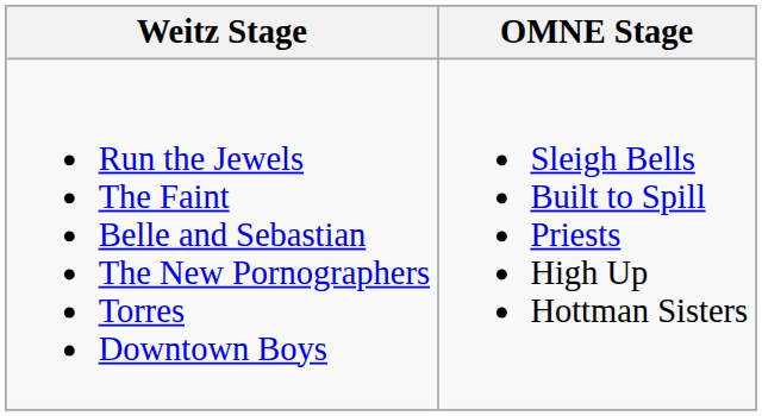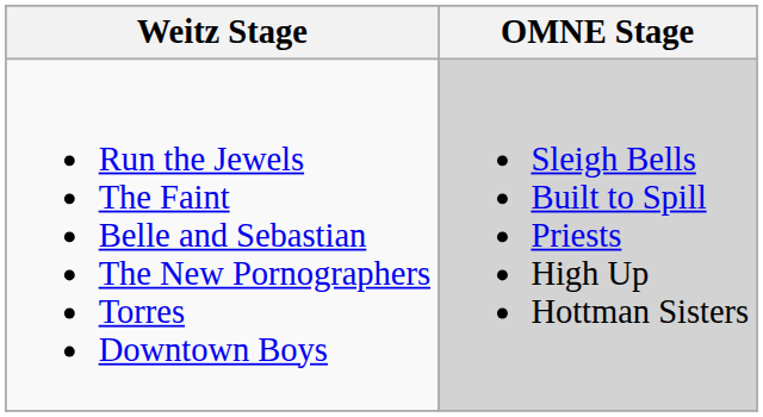 <table class="wikitable">
 <tr>
 <th>Weitz Stage</th>
 <th>OMNE Stage</th>
 </tr>
 <tr valign="top">
 <td><br><ul><li><a href='#'>Run the Jewels</a></li><li><a href='#'>The Faint</a></li><li><a href='#'>Belle and Sebastian</a></li><li><a href='#'>The New Pornographers</a></li><li><a href='#'>Torres</a></li><li><a href='#'>Downtown Boys</a></li></ul></td>
-<td><br><ul><li><a href='#'>Sleigh Bells</a></li><li><a href='#'>Built to Spill</a></li><li><a href='#'>Priests</a></li><li>High Up</li><li>Hottman Sisters</li></ul></td>
+<td style="background: lightgrey;"><br><ul><li><a href='#'>Sleigh Bells</a></li><li><a href='#'>Built to Spill</a></li><li><a href='#'>Priests</a></li><li>High Up</li><li>Hottman Sisters</li></ul></td>
 </tr>
 </table>
